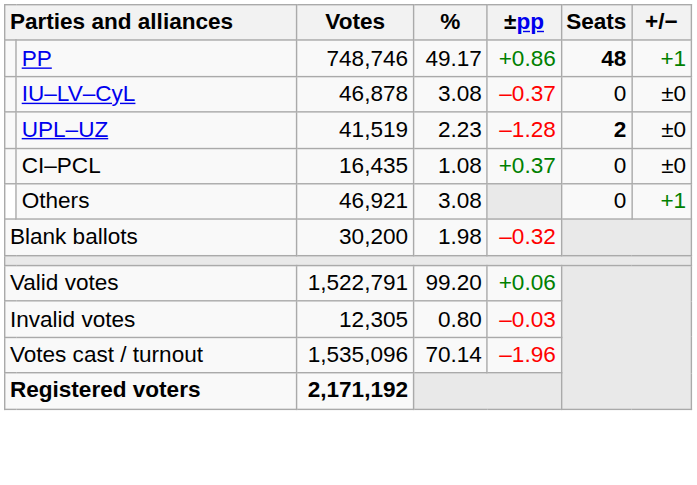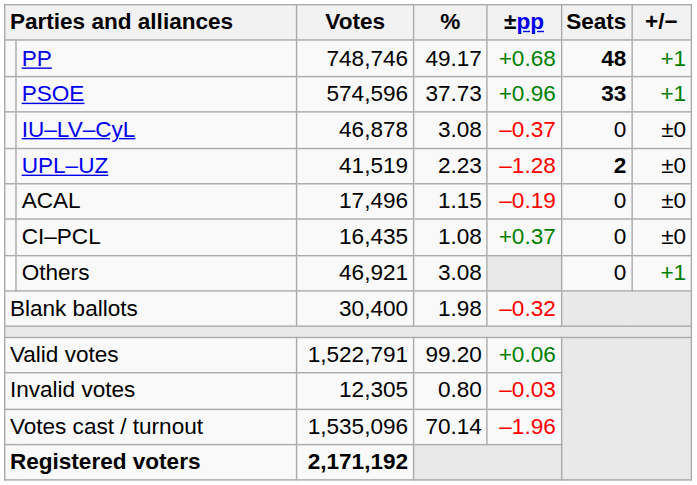 <table class="wikitable" style="text-align:right;">
 <tr>
 <th style="text-align:left;" colspan="2" width="200">Parties and alliances</th>
 <th width="75">Votes</th>
 <th width="45">%</th>
 <th width="45">±<a href='#'>pp</a></th>
 <th width="35">Seats</th>
 <th width="35">+/−</th>
 </tr>
 <tr>
 <td width="1" style="color:inherit;background:"></td>
 <td align="left"><a href='#'>PP</a></td>
 <td>748,746</td>
 <td>49.17</td>
-<td style="color:green;">+0.86</td>
+<td style="color:green;">+0.68</td>
 <td><strong>48</strong></td>
+<td style="color:green;">+1</td>
+</tr>
+<tr>
+<td style="color:inherit;background:"></td>
+<td align="left"><a href='#'>PSOE</a></td>
+<td>574,596</td>
+<td>37.73</td>
+<td style="color:green;">+0.96</td>
+<td><strong>33</strong></td>
 <td style="color:green;">+1</td>
 </tr>
 <tr>
 <td style="color:inherit;background:"></td>
 <td align="left"><a href='#'>IU–LV–CyL</a></td>
 <td>46,878</td>
 <td>3.08</td>
 <td style="color:red;">–0.37</td>
 <td>0</td>
 <td>±0</td>
 </tr>
 <tr>
 <td style="color:inherit;background:"></td>
 <td align="left"><a href='#'>UPL–UZ</a></td>
 <td>41,519</td>
 <td>2.23</td>
 <td style="color:red;">–1.28</td>
 <td><strong>2</strong></td>
 <td>±0</td>
 </tr>
 <tr>
 <td style="color:inherit;background:"></td>
+<td align="left">ACAL</td>
+<td>17,496</td>
+<td>1.15</td>
+<td style="color:red;">–0.19</td>
+<td>0</td>
+<td>±0</td>
+</tr>
+<tr>
+<td style="color:inherit;background:"></td>
 <td align="left">CI–PCL</td>
 <td>16,435</td>
 <td>1.08</td>
 <td style="color:green;">+0.37</td>
 <td>0</td>
 <td>±0</td>
 </tr>
 <tr>
 <td bgcolor="white"></td>
 <td align="left">Others</td>
 <td>46,921</td>
 <td>3.08</td>
 <td bgcolor="#E9E9E9"></td>
 <td>0</td>
 <td style="color:green;">+1</td>
 </tr>
 <tr>
 <td align="left" colspan="2">Blank ballots</td>
-<td>30,200</td>
+<td>30,400</td>
 <td>1.98</td>
 <td style="color:red;">–0.32</td>
 <td bgcolor="#E9E9E9" colspan="2"></td>
 </tr>
 <tr>
 <td colspan="7" bgcolor="#E9E9E9"></td>
 </tr>
 <tr>
 <td align="left" colspan="2">Valid votes</td>
 <td>1,522,791</td>
 <td>99.20</td>
 <td style="color:green;">+0.06</td>
 <td bgcolor="#E9E9E9" colspan="2" rowspan="4"></td>
 </tr>
 <tr>
 <td align="left" colspan="2">Invalid votes</td>
 <td>12,305</td>
 <td>0.80</td>
 <td style="color:red;">–0.03</td>
 </tr>
 <tr>
 <td align="left" colspan="2">Votes cast / turnout</td>
 <td>1,535,096</td>
 <td>70.14</td>
 <td style="color:red;">–1.96</td>
 </tr>
 <tr style="font-weight:bold;">
 <td align="left" colspan="2">Registered voters</td>
 <td>2,171,192</td>
 <td bgcolor="#E9E9E9" colspan="2"></td>
 </tr>
 </table>
